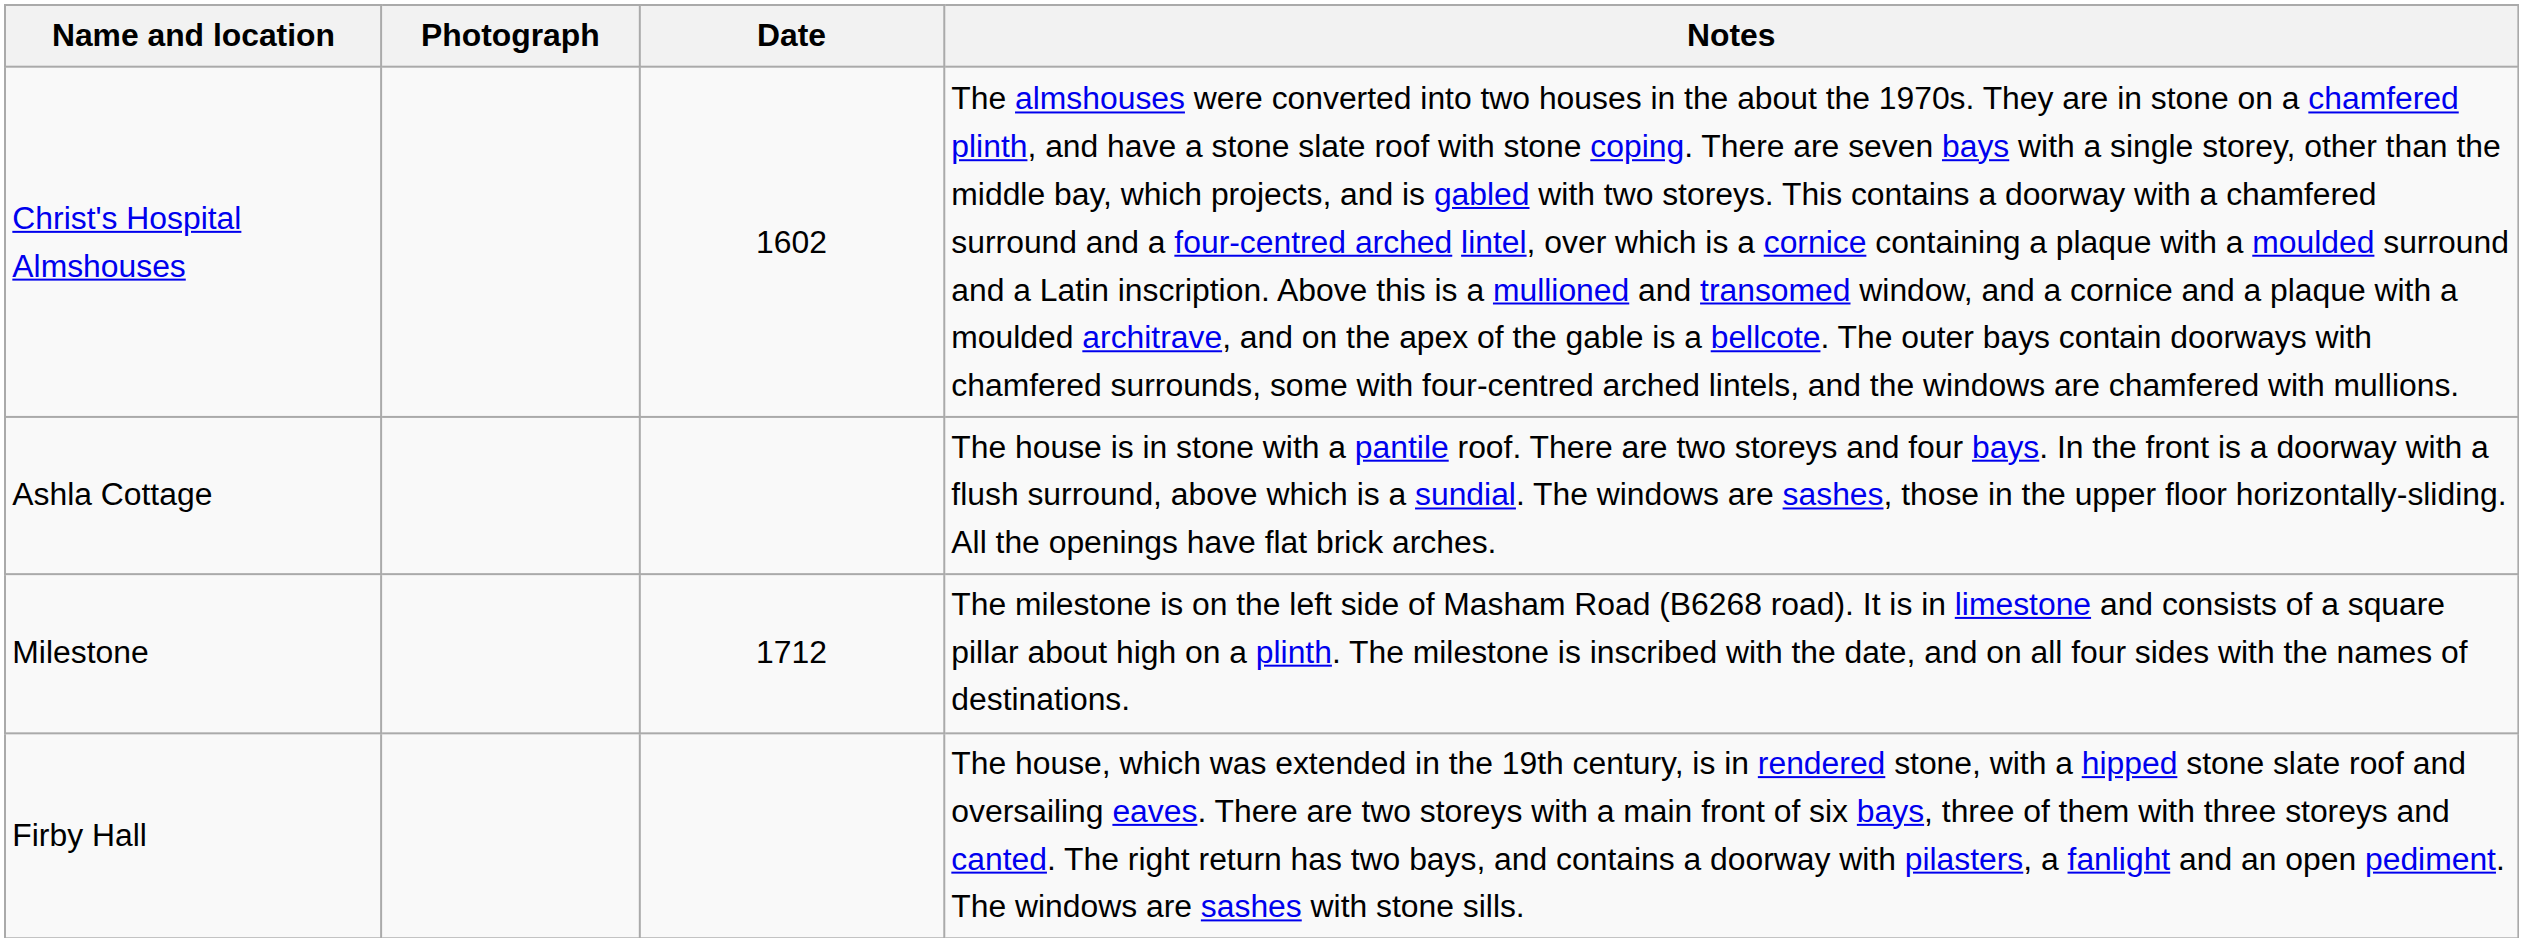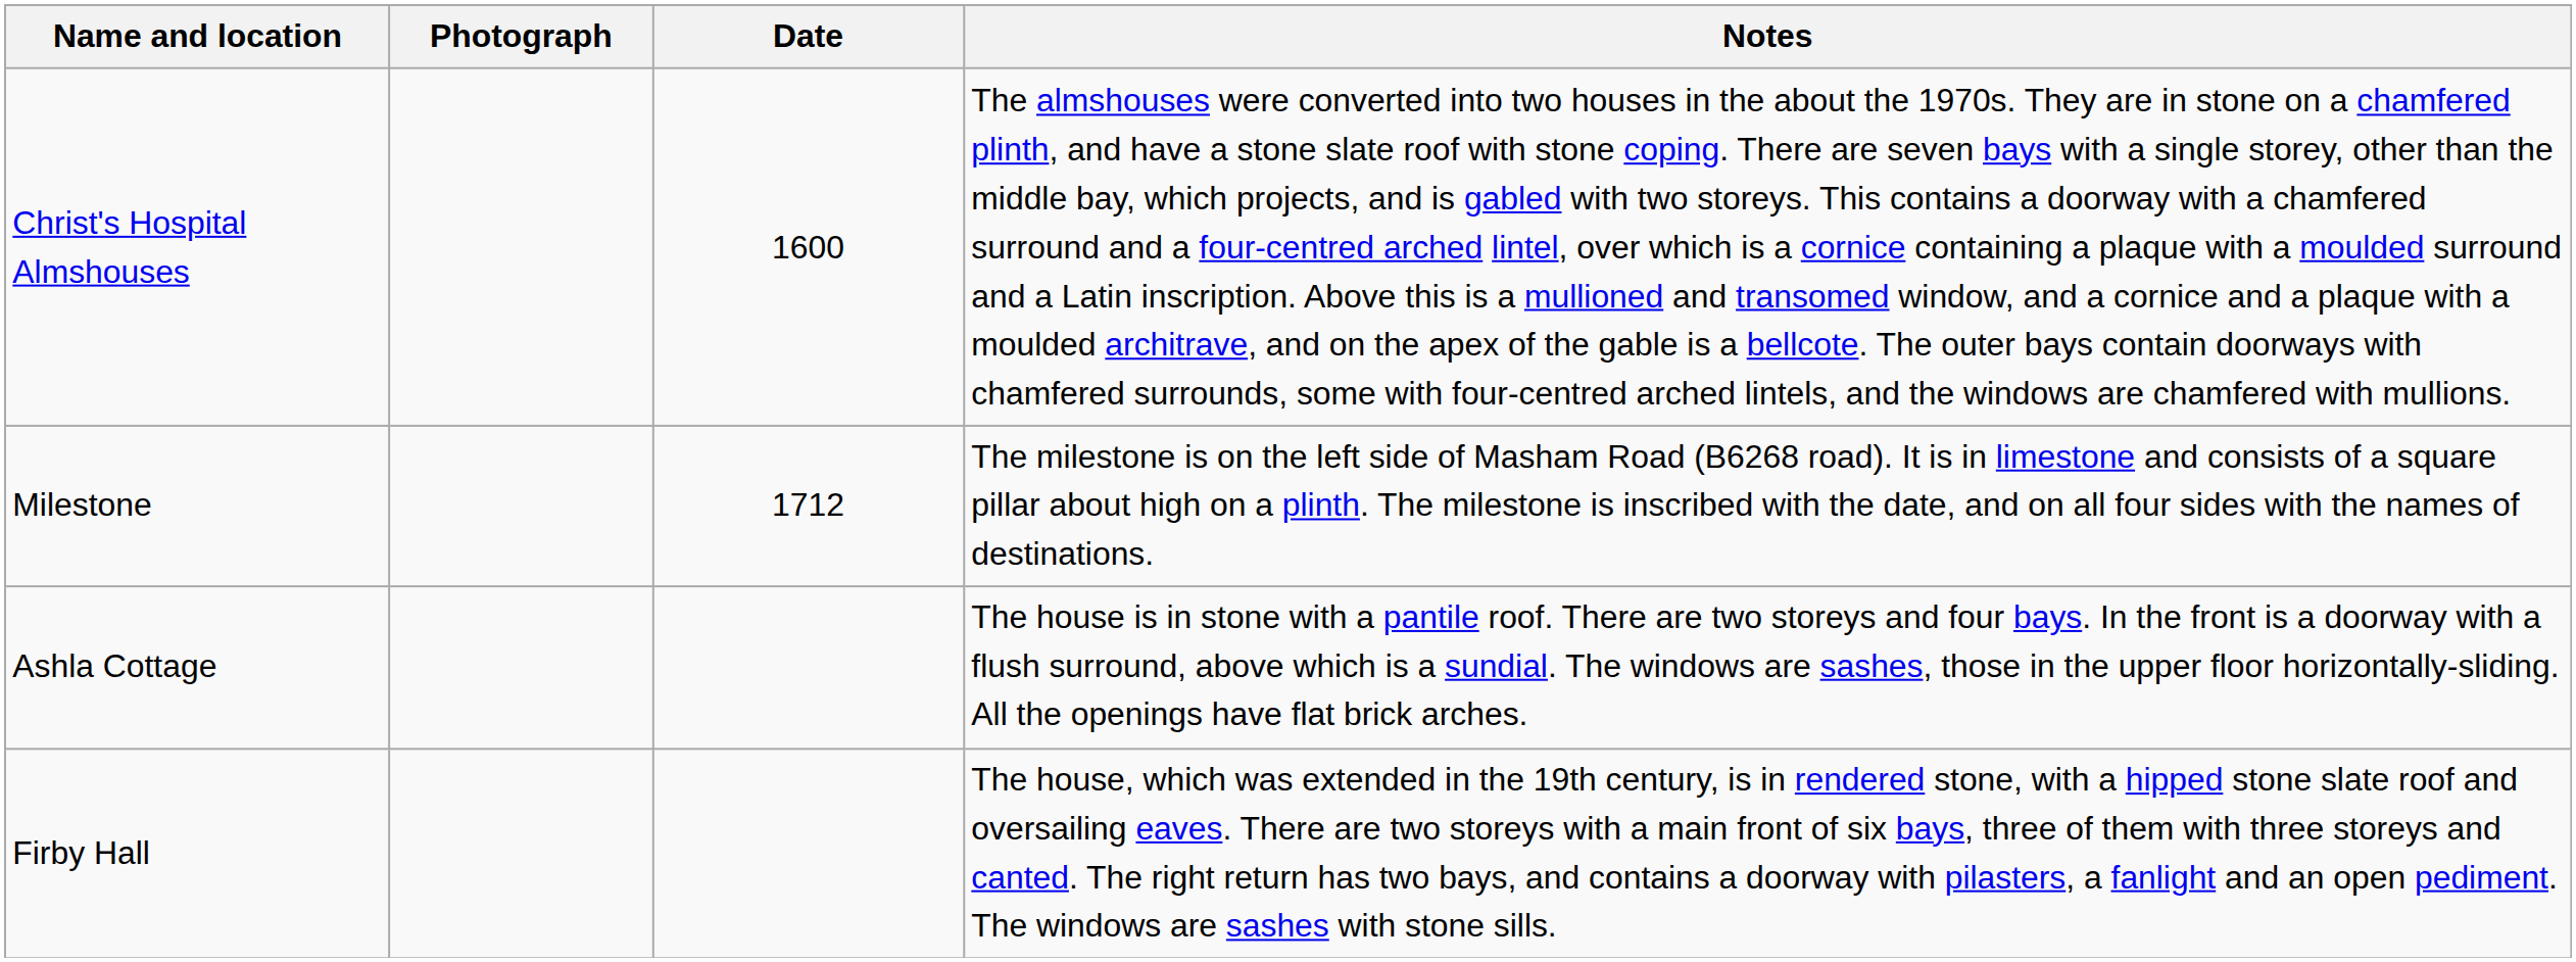 <table class="wikitable sortable plainrowheaders" style="width:100%;border:0px;text-align:left;line-height:150%;">
 <tr>
 <th scope="col"  style="width:150px">Name and location</th>
 <th scope="col"  style="width:100px" class="unsortable">Photograph</th>
 <th scope="col"  style="width:120px">Date</th>
 <th scope="col"  style="width:650px" class="unsortable">Notes</th>
 </tr>
 <tr>
 <td><a href='#'>Christ's Hospital Almshouses</a><br><small></small></td>
 <td></td>
-<td align="center">1602</td>
+<td align="center">1600</td>
 <td>The <a href='#'>almshouses</a> were converted into two houses in the about the 1970s. They are in stone on a <a href='#'>chamfered</a> <a href='#'>plinth</a>, and have a stone slate roof with stone <a href='#'>coping</a>.  There are seven <a href='#'>bays</a> with a single storey, other than the middle bay, which projects, and is <a href='#'>gabled</a> with two storeys.  This contains a doorway with a chamfered surround and a <a href='#'>four-centred arched</a> <a href='#'>lintel</a>, over which is a <a href='#'>cornice</a> containing a plaque with a <a href='#'>moulded</a> surround and a Latin inscription.  Above this is a <a href='#'>mullioned</a> and <a href='#'>transomed</a> window, and a cornice and a plaque with a moulded <a href='#'>architrave</a>, and on the apex of the gable is a <a href='#'>bellcote</a>.  The outer bays contain doorways with chamfered surrounds, some with four-centred arched lintels, and the windows are chamfered with mullions.</td>
+</tr>
+<tr>
+<td>Milestone<br><small></small></td>
+<td></td>
+<td align="center">1712</td>
+<td>The milestone is on the left side of Masham Road (B6268 road).  It is in <a href='#'>limestone</a> and consists of a square pillar about  high on a <a href='#'>plinth</a>.  The milestone is inscribed with the date, and on all four sides with the names of destinations.</td>
 </tr>
 <tr>
 <td>Ashla Cottage<br><small></small></td>
 <td></td>
 <td align="center"></td>
 <td>The house is in stone with a <a href='#'>pantile</a> roof.  There are two storeys and four <a href='#'>bays</a>.  In the front is a doorway with a flush surround, above which is a <a href='#'>sundial</a>.  The windows are <a href='#'>sashes</a>, those in the upper floor horizontally-sliding.  All the openings have flat brick arches.</td>
-</tr>
-<tr>
-<td>Milestone<br><small></small></td>
-<td></td>
-<td align="center">1712</td>
-<td>The milestone is on the left side of Masham Road (B6268 road).  It is in <a href='#'>limestone</a> and consists of a square pillar about  high on a <a href='#'>plinth</a>.  The milestone is inscribed with the date, and on all four sides with the names of destinations.</td>
 </tr>
 <tr>
 <td>Firby Hall<br><small></small></td>
 <td></td>
 <td align="center"></td>
 <td>The house, which was extended in the 19th century, is in <a href='#'>rendered</a> stone, with a <a href='#'>hipped</a> stone slate roof and oversailing <a href='#'>eaves</a>.  There are two storeys with a main front of six <a href='#'>bays</a>, three of them with three storeys and <a href='#'>canted</a>.  The right return has two bays, and contains a doorway with <a href='#'>pilasters</a>, a <a href='#'>fanlight</a> and an open <a href='#'>pediment</a>.  The windows are <a href='#'>sashes</a> with stone sills.</td>
 </tr>
 <tr>
 </tr>
 </table>
